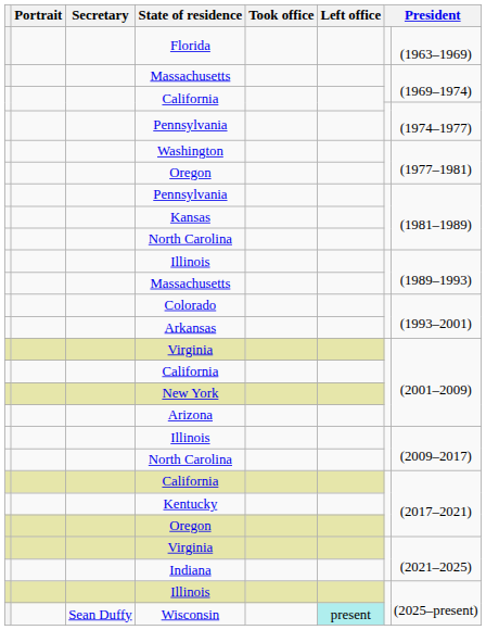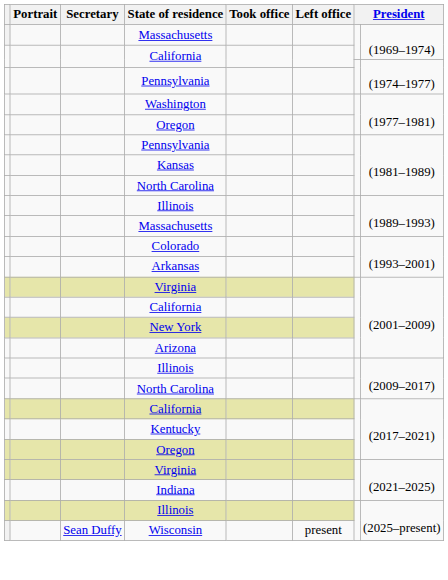 <table class="wikitable sortable" style="clear:left; text-align:center;">
 <tr>
 <th></th>
 <th class=unsortable>Portrait</th>
 <th>Secretary</th>
 <th>State of residence</th>
 <th>Took office</th>
 <th>Left office</th>
 <th colspan=2><a href='#'>President</a></th>
-</tr>
-<tr>
-<th style="background: "></th>
-<td data-sort-value="Boyd, Alan"></td>
-<td></td>
-<td><a href='#'>Florida</a></td>
-<td></td>
-<td></td>
-<td style="background: "></td>
-<td data-sort-value="Johnson, Lyndon"><br>(1963–1969)</td>
 </tr>
 <tr>
 <th style="background: "></th>
 <td data-sort-value="Volpe, John"></td>
 <td></td>
 <td><a href='#'>Massachusetts</a></td>
 <td></td>
 <td></td>
 <td rowspan=2 style="background: "></td>
 <td rowspan=2 data-sort-value="Nixon, Richard"><br>(1969–1974)</td>
 </tr>
 <tr>
 <td rowspan=2 style="background: "></td>
 <td rowspan=2 data-sort-value="Brinegar, Claude"></td>
 <td rowspan=2></td>
 <td rowspan=2><a href='#'>California</a></td>
 <td rowspan=2></td>
 <td rowspan=2></td>
 </tr>
 <tr>
 <td rowspan=2 style="background: "></td>
 <td rowspan=2 data-sort-value="Ford, Gerald"><br>(1974–1977)</td>
 </tr>
 <tr>
 <td style="background: "></td>
 <td data-sort-value="Coleman, Bill"></td>
 <td></td>
 <td><a href='#'>Pennsylvania</a></td>
 <td></td>
 <td></td>
 </tr>
 <tr>
 <td style="background: "></td>
 <td data-sort-value="Adams, Brockman"></td>
 <td></td>
 <td><a href='#'>Washington</a></td>
 <td></td>
 <td></td>
 <td rowspan=2 style="background: "></td>
 <td rowspan=2 data-sort-value="Carter, Jimmy"><br>(1977–1981)</td>
 </tr>
 <tr>
 <td style="background: "></td>
 <td data-sort-value="Goldschmidt, Neil"></td>
 <td></td>
 <td><a href='#'>Oregon</a></td>
 <td></td>
 <td></td>
 </tr>
 <tr>
 <td style="background: "></td>
 <td data-sort-value="Lewis, Andrew"></td>
 <td></td>
 <td><a href='#'>Pennsylvania</a></td>
 <td></td>
 <td></td>
 <td rowspan=3 style="background: "></td>
 <td rowspan=3 data-sort-value="Reagan, Ronald"><br>(1981–1989)</td>
 </tr>
 <tr>
 <td style="background: "></td>
 <td data-sort-value="Dole, Elizabeth"></td>
 <td></td>
 <td><a href='#'>Kansas</a></td>
 <td></td>
 <td></td>
 </tr>
 <tr>
 <td style="background: "></td>
 <td data-sort-value="Burnley, James"></td>
 <td></td>
 <td><a href='#'>North Carolina</a></td>
 <td></td>
 <td></td>
 </tr>
 <tr>
 <td style="background: "></td>
 <td data-sort-value="Skinner, Samuel"></td>
 <td></td>
 <td><a href='#'>Illinois</a></td>
 <td></td>
 <td></td>
 <td rowspan=2 style="background: "></td>
 <td rowspan=2 data-sort-value="Bush, George H. W."><br>(1989–1993)</td>
 </tr>
 <tr>
 <td style="background: "></td>
 <td data-sort-value="Card, Andy"></td>
 <td></td>
 <td><a href='#'>Massachusetts</a></td>
 <td></td>
 <td></td>
 </tr>
 <tr>
 <td style="background: "></td>
 <td data-sort-value="Peña, Federico Fabian"></td>
 <td></td>
 <td><a href='#'>Colorado</a></td>
 <td></td>
 <td></td>
 <td rowspan=2 style="background: "></td>
 <td rowspan=2 data-sort-value="Clinton, Bill"><br>(1993–2001)</td>
 </tr>
 <tr>
 <td style="background: "></td>
 <td data-sort-value="Slater, Rodney"></td>
 <td></td>
 <td><a href='#'>Arkansas</a></td>
 <td></td>
 <td></td>
 </tr>
 <tr>
 <th style="background:#E6E6AA;"><br></th>
 <td bgcolor=#E6E6AA data-sort-value="Downey, Mortimer"></td>
 <td bgcolor=#E6E6AA><br></td>
 <td bgcolor=#E6E6AA><a href='#'>Virginia</a></td>
 <td bgcolor=#E6E6AA></td>
 <td bgcolor=#E6E6AA></td>
 <td rowspan=4 style="background: "></td>
 <td rowspan=4 data-sort-value="Bush, George W."><br>(2001–2009)</td>
 </tr>
 <tr>
 <td style="background: "></td>
 <td data-sort-value="Mineta, Norm"></td>
 <td></td>
 <td><a href='#'>California</a></td>
 <td></td>
 <td></td>
 </tr>
 <tr>
 <th style="background:#E6E6AA;"><br></th>
 <td bgcolor=#E6E6AA data-sort-value="Cino, Maria"></td>
 <td bgcolor=#E6E6AA><br></td>
 <td bgcolor=#E6E6AA><a href='#'>New York</a></td>
 <td bgcolor=#E6E6AA></td>
 <td bgcolor=#E6E6AA></td>
 </tr>
 <tr>
 <td style="background: "></td>
 <td data-sort-value="Peters, Mary"></td>
 <td></td>
 <td><a href='#'>Arizona</a></td>
 <td></td>
 <td></td>
 </tr>
 <tr>
 <td style="background: "></td>
 <td data-sort-value="LaHood, Ray"></td>
 <td></td>
 <td><a href='#'>Illinois</a></td>
 <td></td>
 <td></td>
 <td rowspan=2 style="background: "></td>
 <td rowspan=2 data-sort-value="Obama, Barack"><br>(2009–2017)</td>
 </tr>
 <tr>
 <td style="background: "></td>
 <td data-sort-value="Foxx, Anthony"></td>
 <td></td>
 <td><a href='#'>North Carolina</a></td>
 <td></td>
 <td></td>
 </tr>
 <tr>
 <th style="background:#E6E6AA;"></th>
 <td bgcolor=#E6E6AA data-sort-value="Huerta, Michael"></td>
 <td bgcolor=#E6E6AA><br></td>
 <td bgcolor=#E6E6AA><a href='#'>California</a></td>
 <td bgcolor=#E6E6AA></td>
 <td bgcolor=#E6E6AA></td>
 <td rowspan=3 style="background: "></td>
 <td rowspan=3 data-sort-value="Trump, Donald"><br>(2017–2021)</td>
 </tr>
 <tr>
 <td style="background: "></td>
 <td data-sort-value="Chao, Elaine"></td>
 <td></td>
 <td><a href='#'>Kentucky</a></td>
 <td></td>
 <td></td>
 </tr>
 <tr>
 <th style="background:#E6E6AA;"></th>
 <td bgcolor=#E6E6AA data-sort-value="Bradbury, Steven"></td>
 <td bgcolor=#E6E6AA><br></td>
 <td bgcolor=#E6E6AA><a href='#'>Oregon</a></td>
 <td bgcolor=#E6E6AA></td>
 <td bgcolor=#E6E6AA></td>
 </tr>
 <tr>
 <th style="background:#E6E6AA;"></th>
 <td bgcolor=#E6E6AA data-sort-value="Hurdle, Lana"></td>
 <td bgcolor=#E6E6AA><br></td>
 <td bgcolor=#E6E6AA><a href='#'>Virginia</a></td>
 <td bgcolor=#E6E6AA></td>
 <td bgcolor=#E6E6AA></td>
 <td rowspan=2 style="background: "></td>
 <td rowspan=2 data-sort-value="Biden, Joe"><br>(2021–2025)</td>
 </tr>
 <tr>
 <td style="background: "></td>
 <td data-sort-value="Buttigieg, Pete"></td>
 <td></td>
 <td><a href='#'>Indiana</a></td>
 <td></td>
 <td></td>
 </tr>
 <tr>
 <th style="background:#E6E6AA;"></th>
 <td bgcolor=#E6E6AA></td>
 <td bgcolor=#E6E6AA><br></td>
 <td bgcolor=#E6E6AA><a href='#'>Illinois</a></td>
 <td bgcolor=#E6E6AA></td>
 <td bgcolor=#E6E6AA></td>
 <td rowspan=2 style="background: "></td>
 <td rowspan=3 data-sort-value="Trump, Donald"><br>(2025–present)</td>
 </tr>
 <tr>
 <th style="background: "></th>
 <td data-sort-value="Duffy, Sean"></td>
 <td><a href='#'>Sean Duffy</a></td>
 <td><a href='#'>Wisconsin</a></td>
 <td></td>
-<td style="background: paleturquoise;">present</td>
+<td>present</td>
 </tr>
 </table>
